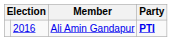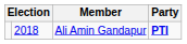 <table class="wikitable">
 <tr>
 <th colspan="2">Election</th>
 <th>Member</th>
 <th>Party</th>
 </tr>
 <tr>
 <td style="background-color: "></td>
-<td><a href='#'>2016</a></td>
+<td><a href='#'>2018</a></td>
 <td><a href='#'>Ali Amin Gandapur</a></td>
 <td><strong><a href='#'>PTI</a></strong></td>
 </tr>
 </table>
